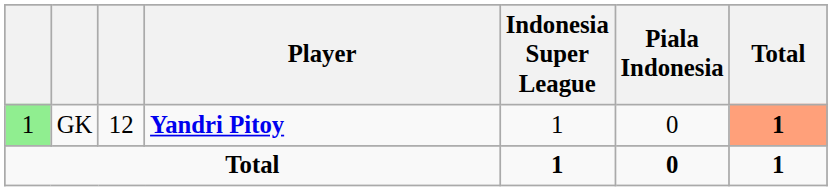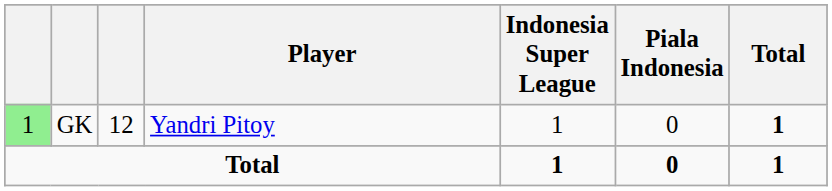 <table class="wikitable" style="font-size: 90%; text-align: center;">
 <tr>
 <th width=20></th>
 <th width=20></th>
 <th width=20></th>
 <th width=200>Player</th>
 <th width=50>Indonesia Super League</th>
 <th width=50>Piala Indonesia</th>
 <th width=50>Total</th>
 </tr>
 <tr>
 <td style="background: lightgreen;">1</td>
 <td>GK</td>
 <td>12</td>
-<td align=left><strong> <a href='#'>Yandri Pitoy</a></strong></td>
+<td align=left> <a href='#'>Yandri Pitoy</a></td>
 <td>1</td>
 <td>0</td>
-<td style="background: lightsalmon;"><strong>1</strong></td>
+<td><strong>1</strong></td>
 </tr>
 <tr>
 <td colspan="4"><strong>Total</strong></td>
 <td><strong>1</strong></td>
 <td><strong>0</strong></td>
 <td><strong>1</strong></td>
 </tr>
 </table>
